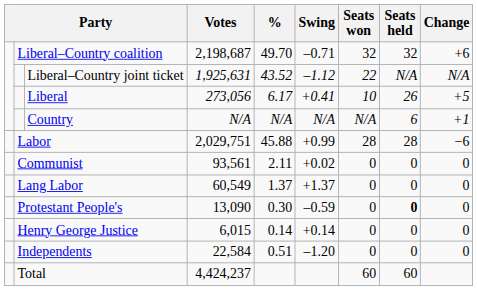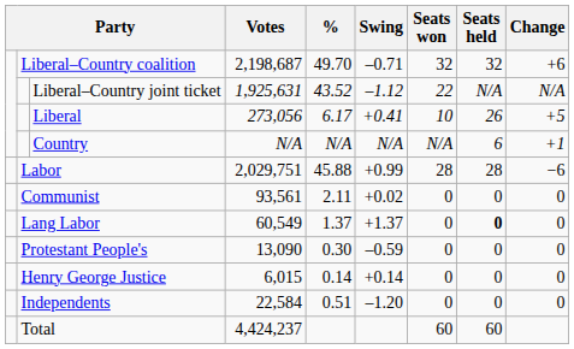 <table class="wikitable">
 <tr>
 <th colspan=3 style="width:180px">Party</th>
 <th style="width:70px;">Votes</th>
 <th style="width:40px;">%</th>
 <th style="width:40px;">Swing</th>
 <th style="width:40px;">Seats won</th>
 <th style="width:40px;">Seats held</th>
 <th style="width:40px;">Change</th>
 </tr>
 <tr>
 <td rowspan=4> </td>
 <td colspan=2><a href='#'>Liberal–Country coalition</a></td>
 <td align=right>2,198,687</td>
 <td align=right>49.70</td>
 <td align=right>–0.71</td>
 <td align=right>32</td>
 <td align=right>32</td>
 <td align=right>+6</td>
 </tr>
 <tr>
 <td> </td>
 <td>Liberal–Country joint ticket</td>
 <td align=right><em>1,925,631</em></td>
 <td align=right><em>43.52</em></td>
 <td align=right><em>–1.12</em></td>
 <td align=right><em>22</em></td>
 <td align=right><em>N/A</em></td>
 <td align=right><em>N/A</em></td>
 </tr>
 <tr>
 <td> </td>
 <td><a href='#'>Liberal</a></td>
 <td align=right><em>273,056</em></td>
 <td align=right><em>6.17</em></td>
 <td align=right><em>+0.41</em></td>
 <td align=right><em>10</em></td>
 <td align=right><em>26</em></td>
 <td align=right><em>+5</em></td>
 </tr>
 <tr>
 <td> </td>
 <td><a href='#'>Country</a></td>
 <td align=right><em>N/A</em></td>
 <td align=right><em>N/A</em></td>
 <td align=right><em>N/A</em></td>
 <td align=right><em>N/A</em></td>
 <td align=right><em>6</em></td>
 <td align=right><em>+1</em></td>
 </tr>
 <tr>
 <td> </td>
 <td colspan=2><a href='#'>Labor</a></td>
 <td align=right>2,029,751</td>
 <td align=right>45.88</td>
 <td align=right>+0.99</td>
 <td align=right>28</td>
 <td align=right>28</td>
 <td align=right>−6</td>
 </tr>
 <tr>
 <td> </td>
 <td colspan=2><a href='#'>Communist</a></td>
 <td align=right>93,561</td>
 <td align=right>2.11</td>
 <td align=right>+0.02</td>
 <td align=right>0</td>
 <td align=right>0</td>
 <td align=right>0</td>
 </tr>
 <tr>
 <td> </td>
 <td colspan=2><a href='#'>Lang Labor</a></td>
 <td align=right>60,549</td>
 <td align=right>1.37</td>
 <td align=right>+1.37</td>
 <td align=right>0</td>
-<td align=right>0</td>
+<td align=right><strong>0</strong></td>
 <td align=right>0</td>
 </tr>
 <tr>
 <td> </td>
 <td colspan=2><a href='#'>Protestant People's</a></td>
 <td align=right>13,090</td>
 <td align=right>0.30</td>
 <td align=right>–0.59</td>
 <td align=right>0</td>
-<td align=right><strong>0</strong></td>
+<td align=right>0</td>
 <td align=right>0</td>
 </tr>
 <tr>
 <td> </td>
 <td colspan=2><a href='#'>Henry George Justice</a></td>
 <td align=right>6,015</td>
 <td align=right>0.14</td>
 <td align=right>+0.14</td>
 <td align=right>0</td>
 <td align=right>0</td>
 <td align=right>0</td>
 </tr>
 <tr>
 <td> </td>
 <td colspan=2><a href='#'>Independents</a></td>
 <td align=right>22,584</td>
 <td align=right>0.51</td>
 <td align=right>–1.20</td>
 <td align=right>0</td>
 <td align=right>0</td>
 <td align=right>0</td>
 </tr>
 <tr>
 <td> </td>
 <td colspan=2>Total</td>
 <td align=right>4,424,237</td>
 <td align=right> </td>
 <td align=right> </td>
 <td align=right>60</td>
 <td align=right>60</td>
 <td align=right></td>
 </tr>
 </table>
